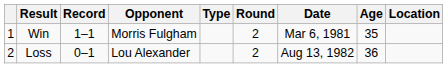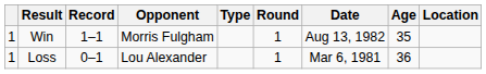 <table class="wikitable" style="text-align:center">
 <tr>
 <th></th>
 <th>Result</th>
 <th>Record</th>
 <th>Opponent</th>
 <th>Type</th>
 <th>Round</th>
 <th>Date</th>
 <th>Age</th>
 <th>Location</th>
 </tr>
 <tr>
 <td>1</td>
 <td>Win</td>
 <td>1–1</td>
 <td style="text-align:left;"> Morris Fulgham</td>
 <td></td>
-<td>2</td>
-<td>Mar 6, 1981</td>
+<td>1</td>
+<td>Aug 13, 1982</td>
 <td>35</td>
 <td style="text-align:left;"> </td>
 </tr>
 <tr>
-<td>2</td>
+<td>1</td>
 <td>Loss</td>
 <td>0–1</td>
 <td style="text-align:left;"> Lou Alexander</td>
 <td></td>
-<td>2</td>
-<td>Aug 13, 1982</td>
+<td>1</td>
+<td>Mar 6, 1981</td>
 <td>36</td>
 <td style="text-align:left;"> </td>
 </tr>
 </table>
